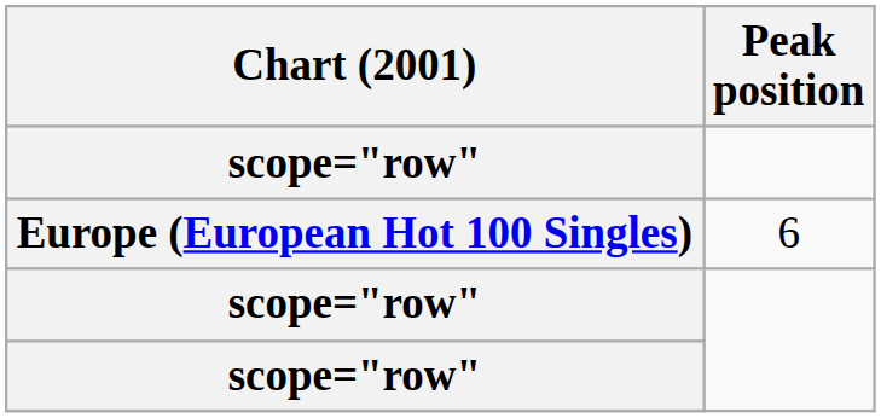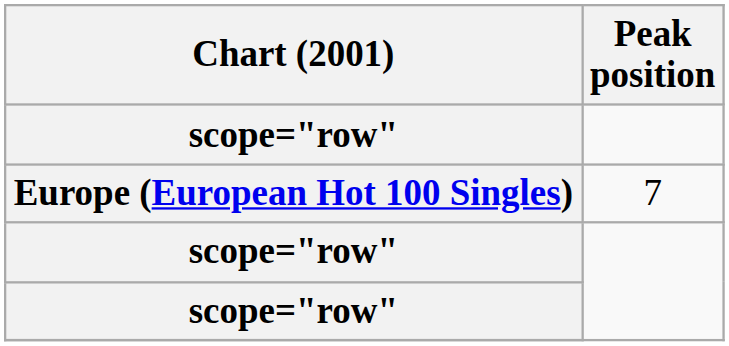 <table class="wikitable sortable plainrowheaders">
 <tr>
 <th>Chart (2001)</th>
 <th>Peak<br>position</th>
 </tr>
 <tr>
 <th>scope="row"</th>
 </tr>
 <tr>
 <th scope="row">Europe (<a href='#'>European Hot 100 Singles</a>)</th>
-<td style="text-align:center;">6</td>
+<td style="text-align:center;">7</td>
 </tr>
 <tr>
 <th>scope="row"</th>
 </tr>
 <tr>
 <th>scope="row"</th>
 </tr>
 <tr>
 </tr>
 </table>
